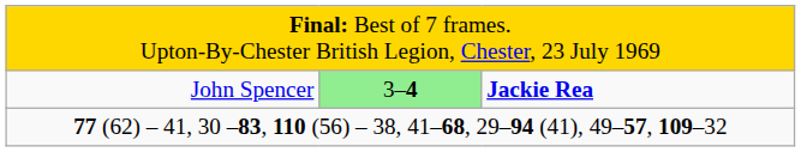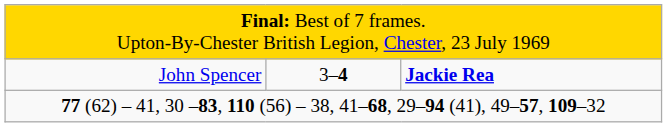 <table class="wikitable" style="font-size: 95%; margin: 1em auto 1em auto;">
 <tr>
 <td colspan="3" align="center" bgcolor="#ffd700"><strong>Final:</strong> Best of 7 frames.<br>Upton-By-Chester British Legion, <a href='#'>Chester</a>, 23 July 1969</td>
 </tr>
 <tr>
 <td width="200" align="right"><a href='#'>John Spencer</a> <br></td>
-<td width="100" align="center" style="background: lightgreen;">3–<strong>4</strong></td>
+<td width="100" align="center">3–<strong>4</strong></td>
 <td width="200"><strong><a href='#'>Jackie Rea</a></strong> <br></td>
 </tr>
 <tr>
 <td colspan="3" align="center" style="font-size: 100%"><strong>77</strong> (62) – 41, 30 –<strong>83</strong>, <strong>110</strong> (56) – 38, 41–<strong>68</strong>, 29–<strong>94</strong> (41), 49–<strong>57</strong>, <strong>109</strong>–32</td>
 </tr>
 </table>
